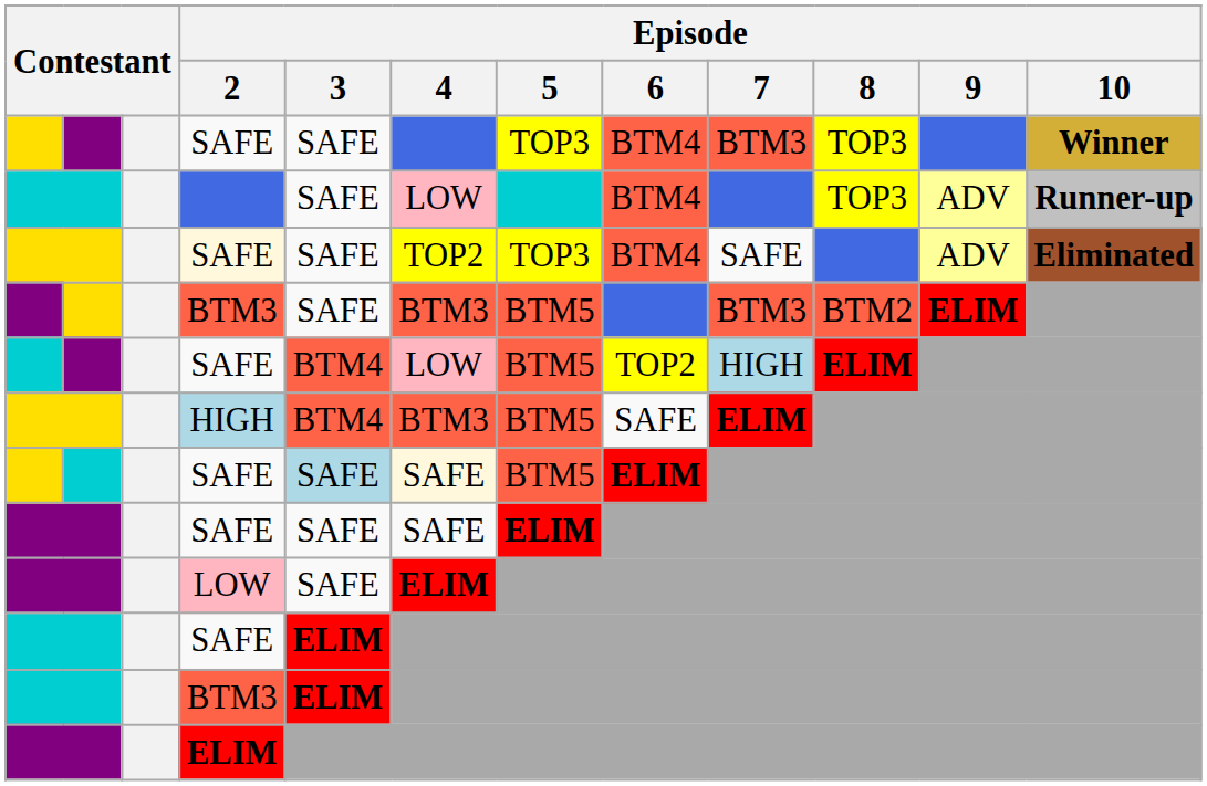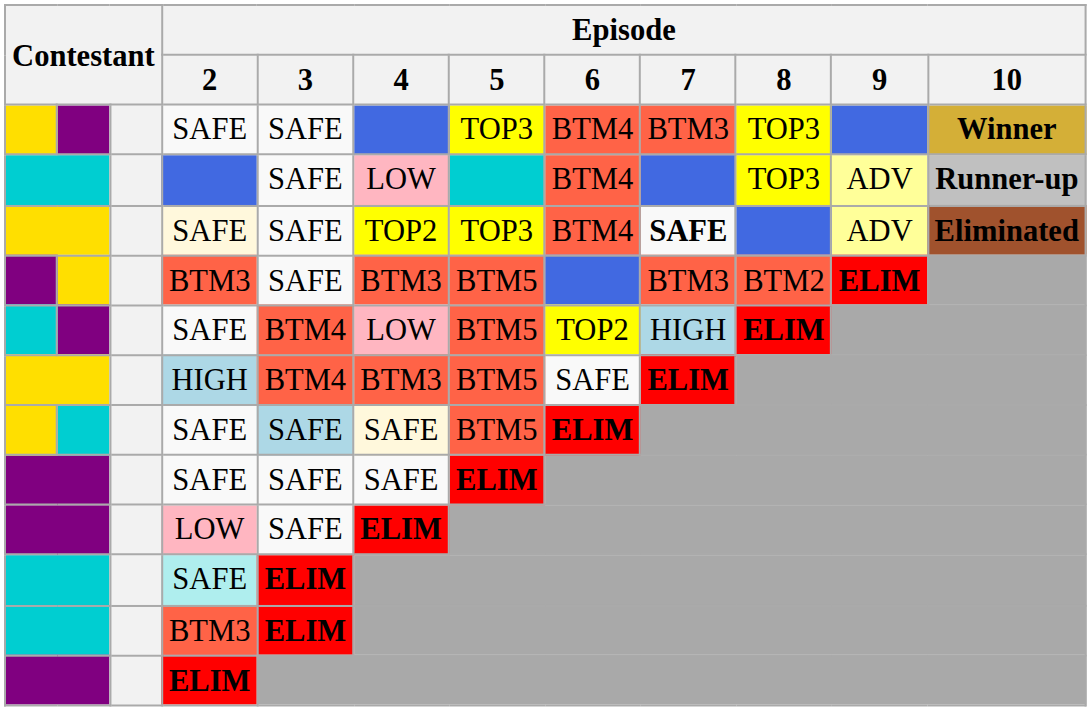 <table class="wikitable" style="text-align:center;font-size:96%">
 <tr>
 <th rowspan=2 colspan=3>Contestant</th>
 <th colspan=9>Episode</th>
 </tr>
 <tr>
 <th>2</th>
 <th>3</th>
 <th>4</th>
 <th>5</th>
 <th>6</th>
 <th>7</th>
 <th>8</th>
 <th>9</th>
 <th>10</th>
 </tr>
 <tr>
 <td style="background:#FFDF00"></td>
 <td style="background:purple"></td>
 <th></th>
 <td>SAFE</td>
 <td>SAFE</td>
 <td style="background:royalblue;"><strong></strong></td>
 <td style="background:yellow;">TOP3</td>
 <td style="background:tomato;">BTM4</td>
 <td style="background:tomato;">BTM3</td>
 <td style="background:yellow;">TOP3</td>
 <td style="background:royalblue;"><strong></strong></td>
 <td style="background: #D4AF37" nowrap><strong>Winner</strong></td>
 </tr>
 <tr>
 <td colspan=2 style="background:#00CED1"></td>
 <th></th>
 <td style="background:royalblue;"><strong></strong></td>
 <td>SAFE</td>
 <td style="background:lightpink;">LOW</td>
 <td style="background:#00CED1;"><strong></strong></td>
 <td style="background:tomato;">BTM4</td>
 <td style="background:royalblue;"><strong></strong></td>
 <td style="background:yellow;">TOP3</td>
 <td style="background:#FFFF99;">ADV</td>
 <td style="background:silver" nowrap><strong>Runner-up</strong></td>
 </tr>
 <tr>
 <td colspan=2 style="background:#FFDF00"></td>
 <th></th>
 <td style="background:cornsilk;">SAFE</td>
 <td>SAFE</td>
 <td style="background:yellow;">TOP2</td>
 <td style="background:yellow;">TOP3</td>
 <td style="background:tomato;">BTM4</td>
-<td>SAFE</td>
+<td><strong>SAFE</strong></td>
 <td style="background:royalblue;"><strong></strong></td>
 <td style="background:#FFFF99;">ADV</td>
 <td style="background:sienna;"><strong>Eliminated</strong></td>
 </tr>
 <tr>
 <td style="background:purple"></td>
 <td style="background:#FFDF00"></td>
 <th></th>
 <td style="background:tomato;">BTM3</td>
 <td>SAFE</td>
 <td style="background:tomato;">BTM3</td>
 <td style="background:tomato;">BTM5</td>
 <td style="background:royalblue;"><strong></strong></td>
 <td style="background:tomato;">BTM3</td>
 <td style="background:tomato;">BTM2</td>
 <td style="background:red;"><strong>ELIM</strong></td>
 <td bgcolor="darkgray" colspan="3"></td>
 </tr>
 <tr>
 <td style="background:#00CED1"></td>
 <td style="background:purple"></td>
 <th></th>
 <td>SAFE</td>
 <td style="background:tomato;">BTM4</td>
 <td style="background:lightpink;">LOW</td>
 <td style="background:tomato;">BTM5</td>
 <td style="background:yellow;">TOP2</td>
 <td style="background:lightblue;">HIGH</td>
 <td style="background:red;"><strong>ELIM</strong></td>
 <td bgcolor="darkgray" colspan="4"></td>
 </tr>
 <tr>
 <td colspan=2 style="background:#FFDF00"></td>
 <th></th>
 <td style="background:lightblue;">HIGH</td>
 <td style="background:tomato;">BTM4</td>
 <td style="background:tomato;">BTM3</td>
 <td style="background:tomato;">BTM5</td>
 <td>SAFE</td>
 <td style="background:red;"><strong>ELIM</strong></td>
 <td bgcolor="darkgray" colspan="5"></td>
 </tr>
 <tr>
 <td style="background:#FFDF00"></td>
 <td style="background:#00CED1"></td>
 <th></th>
 <td>SAFE</td>
 <td style="background: lightblue;">SAFE</td>
 <td style="background:cornsilk;">SAFE</td>
 <td style="background:tomato;">BTM5</td>
 <td style="background:red;"><strong>ELIM</strong></td>
 <td bgcolor="darkgray" colspan="6"></td>
 </tr>
 <tr>
 <th colspan=2 style="background:purple"></th>
 <th></th>
 <td>SAFE</td>
 <td>SAFE</td>
 <td>SAFE</td>
 <td style="background:red;"><strong>ELIM</strong></td>
 <td bgcolor="darkgray" colspan="6"></td>
 </tr>
 <tr>
 <th colspan=2 style="background:purple"></th>
 <th></th>
 <td style="background:lightpink;">LOW</td>
 <td>SAFE</td>
 <td style="background:red;"><strong>ELIM</strong></td>
 <td bgcolor="darkgray" colspan="7"></td>
 </tr>
 <tr>
 <th colspan=2 style="background:#00CED1"></th>
 <th></th>
-<td>SAFE</td>
+<td style="background: paleturquoise;">SAFE</td>
 <td style="background:red;"><strong>ELIM</strong></td>
 <td bgcolor="darkgray" colspan="8"></td>
 </tr>
 <tr>
 <th colspan=2 style="background:#00CED1"></th>
 <th></th>
 <td style="background:tomato;">BTM3</td>
 <td style="background:red;"><strong>ELIM</strong></td>
 <td bgcolor="darkgray" colspan="9"></td>
 </tr>
 <tr>
 <th colspan=2 style="background:purple"></th>
 <th></th>
 <td style="background:red;"><strong>ELIM</strong></td>
 <td bgcolor="darkgray" colspan="9"></td>
 </tr>
 </table>
